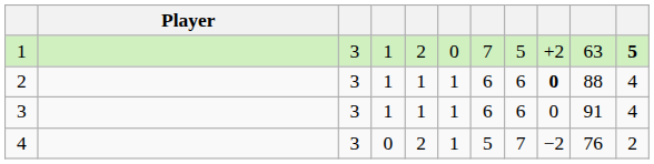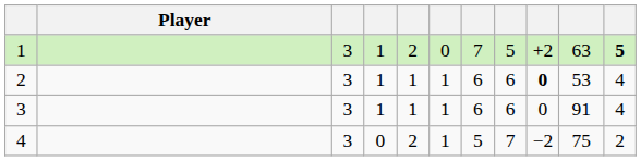 <table class="wikitable" style="text-align:center; margin: 1em auto 1em auto, align:left">
 <tr>
 <th width=20></th>
 <th width=240>Player</th>
 <th width=20></th>
 <th width=20></th>
 <th width=20></th>
 <th width=20></th>
 <th width=20></th>
 <th width=20></th>
 <th width=20></th>
 <th width=30></th>
 <th width=20></th>
 </tr>
 <tr style="background:#D0F0C0;">
 <td>1</td>
 <td align=left></td>
 <td>3</td>
 <td>1</td>
 <td>2</td>
 <td>0</td>
 <td>7</td>
 <td>5</td>
 <td>+2</td>
 <td>63</td>
 <td><strong>5</strong></td>
 </tr>
 <tr style=>
 <td>2</td>
 <td align=left></td>
 <td>3</td>
 <td>1</td>
 <td>1</td>
 <td>1</td>
 <td>6</td>
 <td>6</td>
 <td><strong>0</strong></td>
-<td>88</td>
+<td>53</td>
 <td>4</td>
 </tr>
 <tr style=>
 <td>3</td>
 <td align=left></td>
 <td>3</td>
 <td>1</td>
 <td>1</td>
 <td>1</td>
 <td>6</td>
 <td>6</td>
 <td>0</td>
 <td>91</td>
 <td>4</td>
 </tr>
 <tr style=>
 <td>4</td>
 <td align=left></td>
 <td>3</td>
 <td>0</td>
 <td>2</td>
 <td>1</td>
 <td>5</td>
 <td>7</td>
 <td>−2</td>
-<td>76</td>
+<td>75</td>
 <td>2</td>
 </tr>
 </table>
